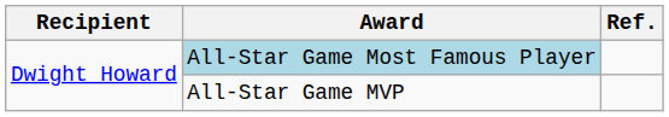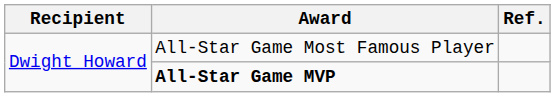 <table class="wikitable">
 <tr>
 <th>Recipient</th>
 <th>Award</th>
 <th>Ref.</th>
 </tr>
 <tr>
 <td rowspan=2><a href='#'>Dwight Howard</a></td>
-<td style="background: lightblue;">All-Star Game Most Famous Player</td>
+<td>All-Star Game Most Famous Player</td>
 <td></td>
 </tr>
 <tr>
-<td>All-Star Game MVP</td>
+<td><strong>All-Star Game MVP</strong></td>
 <td></td>
 </tr>
 </table>
